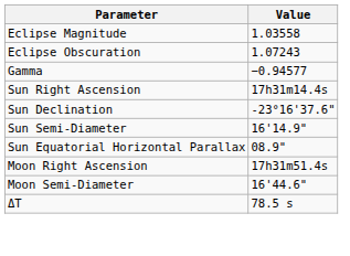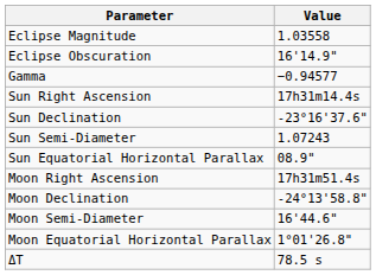 <table class="wikitable">
 <tr>
 <th>Parameter</th>
 <th>Value</th>
 </tr>
 <tr>
 <td>Eclipse Magnitude</td>
 <td>1.03558</td>
 </tr>
 <tr>
 <td>Eclipse Obscuration</td>
-<td>1.07243</td>
+<td>16'14.9"</td>
 </tr>
 <tr>
 <td>Gamma</td>
 <td>−0.94577</td>
 </tr>
 <tr>
 <td>Sun Right Ascension</td>
 <td>17h31m14.4s</td>
 </tr>
 <tr>
 <td>Sun Declination</td>
 <td>-23°16'37.6"</td>
 </tr>
 <tr>
 <td>Sun Semi-Diameter</td>
-<td>16'14.9"</td>
+<td>1.07243</td>
 </tr>
 <tr>
 <td>Sun Equatorial Horizontal Parallax</td>
 <td>08.9"</td>
 </tr>
 <tr>
 <td>Moon Right Ascension</td>
 <td>17h31m51.4s</td>
 </tr>
 <tr>
+<td>Moon Declination</td>
+<td>-24°13'58.8"</td>
+</tr>
+<tr>
 <td>Moon Semi-Diameter</td>
 <td>16'44.6"</td>
+</tr>
+<tr>
+<td>Moon Equatorial Horizontal Parallax</td>
+<td>1°01'26.8"</td>
 </tr>
 <tr>
 <td>ΔT</td>
 <td>78.5 s</td>
 </tr>
 </table>
